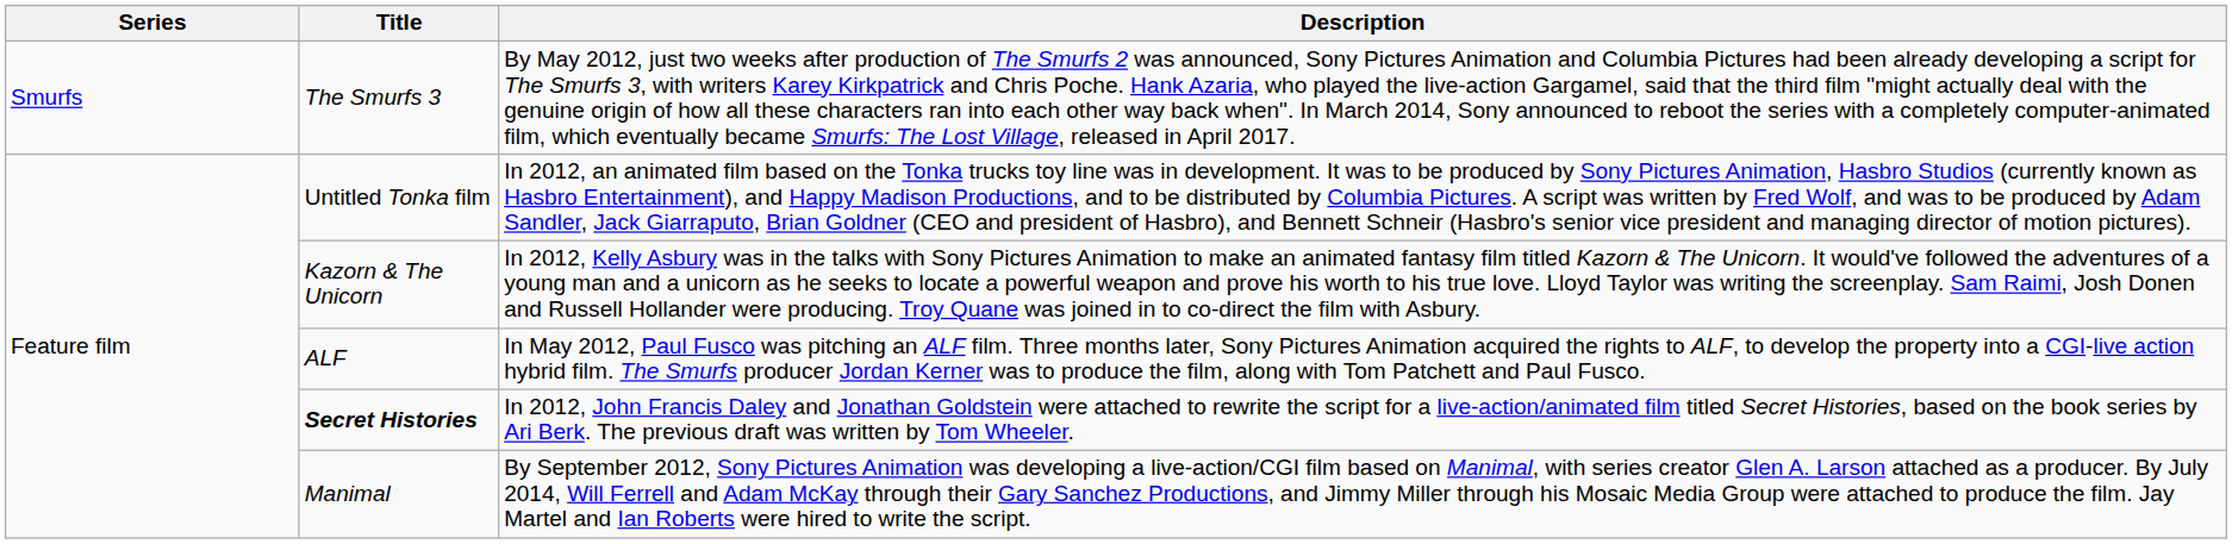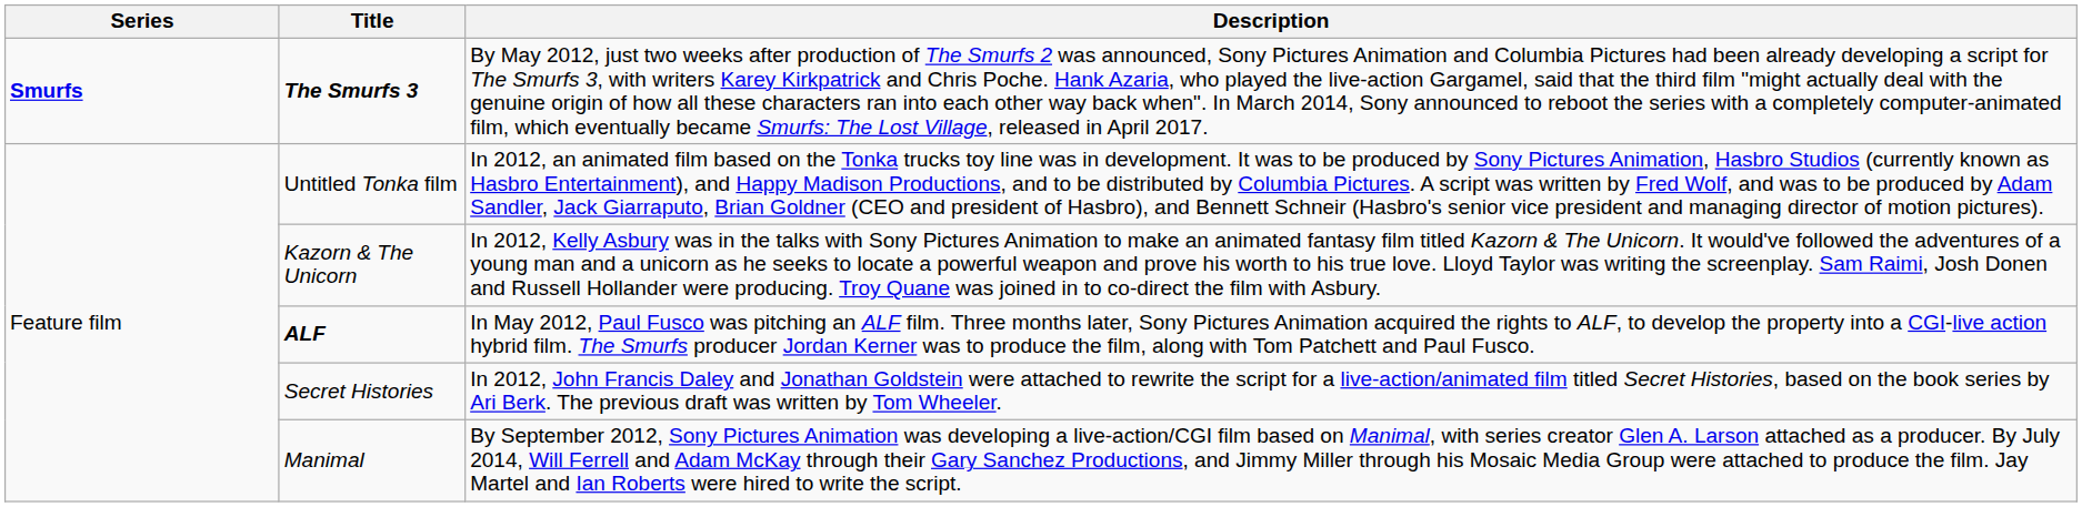 <table class="wikitable">
 <tr>
 <th style="width:150pt;">Series</th>
 <th style="width:100pt;">Title</th>
 <th>Description</th>
 </tr>
 <tr>
-<td><a href='#'>Smurfs</a></td>
-<td><em>The Smurfs 3</em></td>
+<td><strong><a href='#'>Smurfs</a></strong></td>
+<td><strong><em>The Smurfs 3</em></strong></td>
 <td>By May 2012, just two weeks after production of <em><a href='#'>The Smurfs 2</a></em> was announced, Sony Pictures Animation and Columbia Pictures had been already developing a script for <em>The Smurfs 3</em>, with writers <a href='#'>Karey Kirkpatrick</a> and Chris Poche. <a href='#'>Hank Azaria</a>, who played the live-action Gargamel, said that the third film "might actually deal with the genuine origin of how all these characters ran into each other way back when". In March 2014, Sony announced to reboot the series with a completely computer-animated film, which eventually became <em><a href='#'>Smurfs: The Lost Village</a></em>, released in April 2017.</td>
 </tr>
 <tr>
 <td rowspan="5">Feature film</td>
 <td>Untitled <em>Tonka</em> film</td>
 <td>In 2012, an animated film based on the <a href='#'>Tonka</a> trucks toy line was in development. It was to be produced by <a href='#'>Sony Pictures Animation</a>, <a href='#'>Hasbro Studios</a> (currently known as <a href='#'>Hasbro Entertainment</a>), and <a href='#'>Happy Madison Productions</a>, and to be distributed by <a href='#'>Columbia Pictures</a>. A script was written by <a href='#'>Fred Wolf</a>, and was to be produced by <a href='#'>Adam Sandler</a>, <a href='#'>Jack Giarraputo</a>, <a href='#'>Brian Goldner</a> (CEO and president of Hasbro), and Bennett Schneir (Hasbro's senior vice president and managing director of motion pictures).</td>
 </tr>
 <tr>
 <td><em>Kazorn & The Unicorn</em></td>
 <td>In 2012, <a href='#'>Kelly Asbury</a> was in the talks with Sony Pictures Animation to make an animated fantasy film titled <em>Kazorn & The Unicorn</em>. It would've followed the adventures of a young man and a unicorn as he seeks to locate a powerful weapon and prove his worth to his true love. Lloyd Taylor was writing the screenplay. <a href='#'>Sam Raimi</a>, Josh Donen and Russell Hollander were producing. <a href='#'>Troy Quane</a> was joined in to co-direct the film with Asbury.</td>
 </tr>
 <tr>
-<td><em>ALF</em></td>
+<td><strong><em>ALF</em></strong></td>
 <td>In May 2012, <a href='#'>Paul Fusco</a> was pitching an <em><a href='#'>ALF</a></em> film. Three months later, Sony Pictures Animation acquired the rights to <em>ALF</em>, to develop the property into a <a href='#'>CGI</a>-<a href='#'>live action</a> hybrid film. <em><a href='#'>The Smurfs</a></em> producer <a href='#'>Jordan Kerner</a> was to produce the film, along with Tom Patchett and Paul Fusco.</td>
 </tr>
 <tr>
-<td><strong><em>Secret Histories</em></strong></td>
+<td><em>Secret Histories</em></td>
 <td>In 2012, <a href='#'>John Francis Daley</a> and <a href='#'>Jonathan Goldstein</a> were attached to rewrite the script for a <a href='#'>live-action/animated film</a> titled <em>Secret Histories</em>, based on the book series by <a href='#'>Ari Berk</a>. The previous draft was written by <a href='#'>Tom Wheeler</a>.</td>
 </tr>
 <tr>
 <td><em>Manimal</em></td>
 <td>By September 2012, <a href='#'>Sony Pictures Animation</a> was developing a live-action/CGI film based on <em><a href='#'>Manimal</a></em>, with series creator <a href='#'>Glen A. Larson</a> attached as a producer. By July 2014, <a href='#'>Will Ferrell</a> and <a href='#'>Adam McKay</a> through their <a href='#'>Gary Sanchez Productions</a>, and Jimmy Miller through his Mosaic Media Group were attached to produce the film. Jay Martel and <a href='#'>Ian Roberts</a> were hired to write the script.</td>
 </tr>
 </table>
